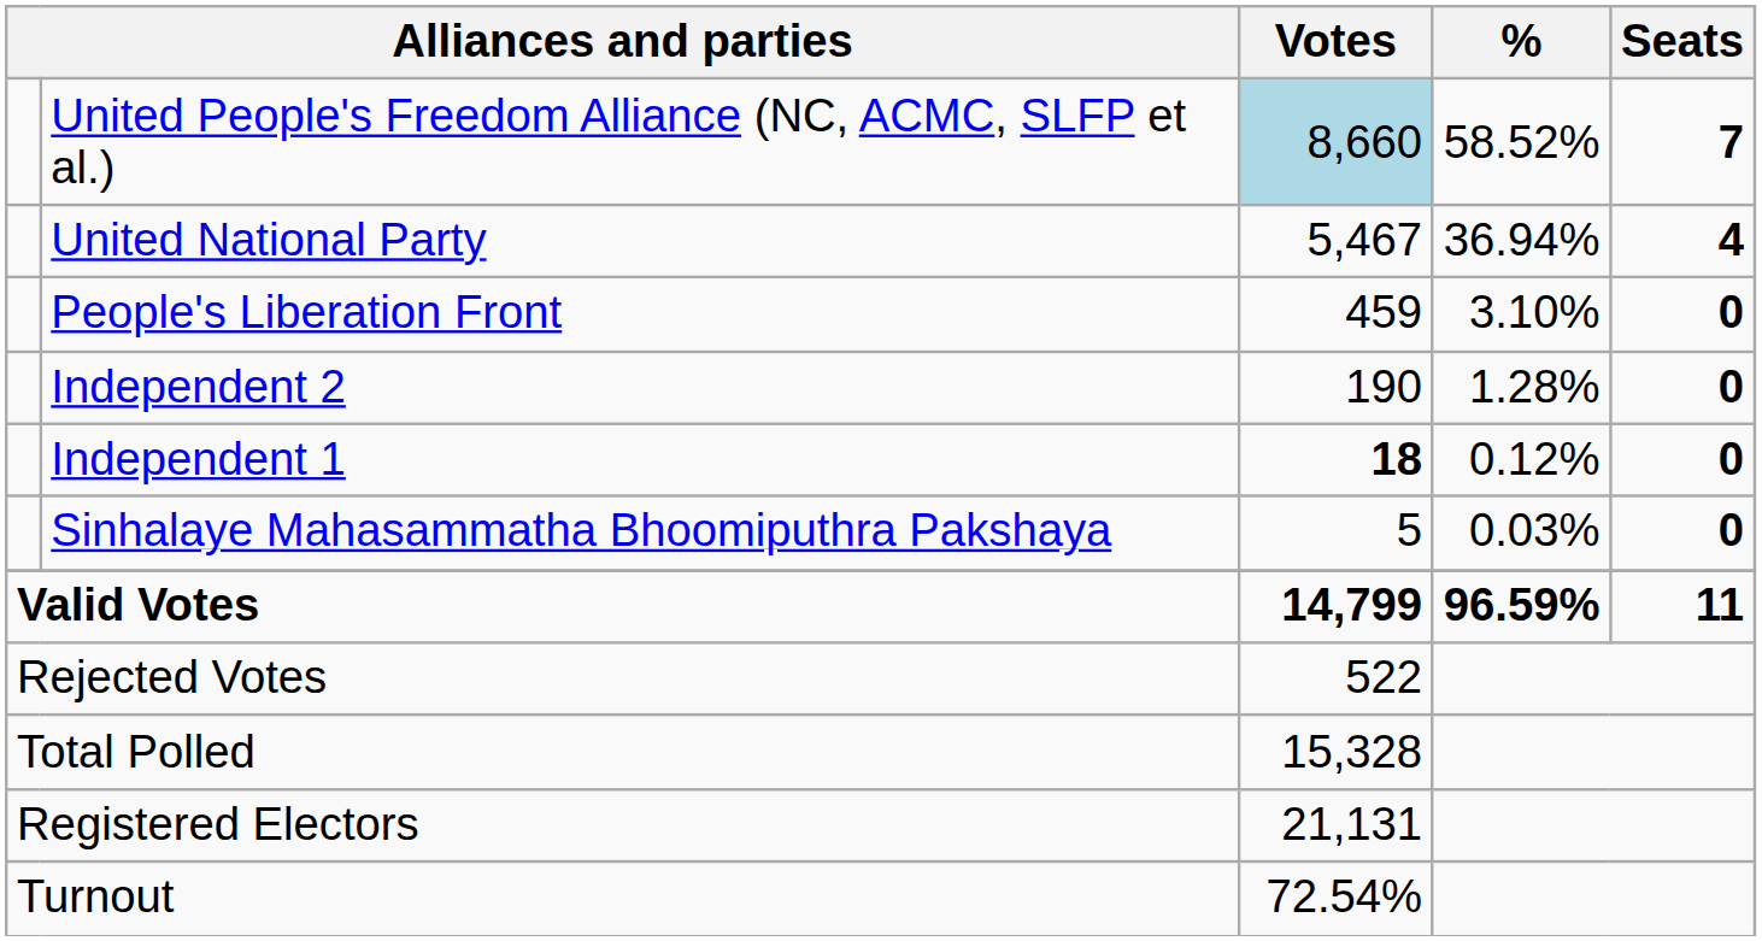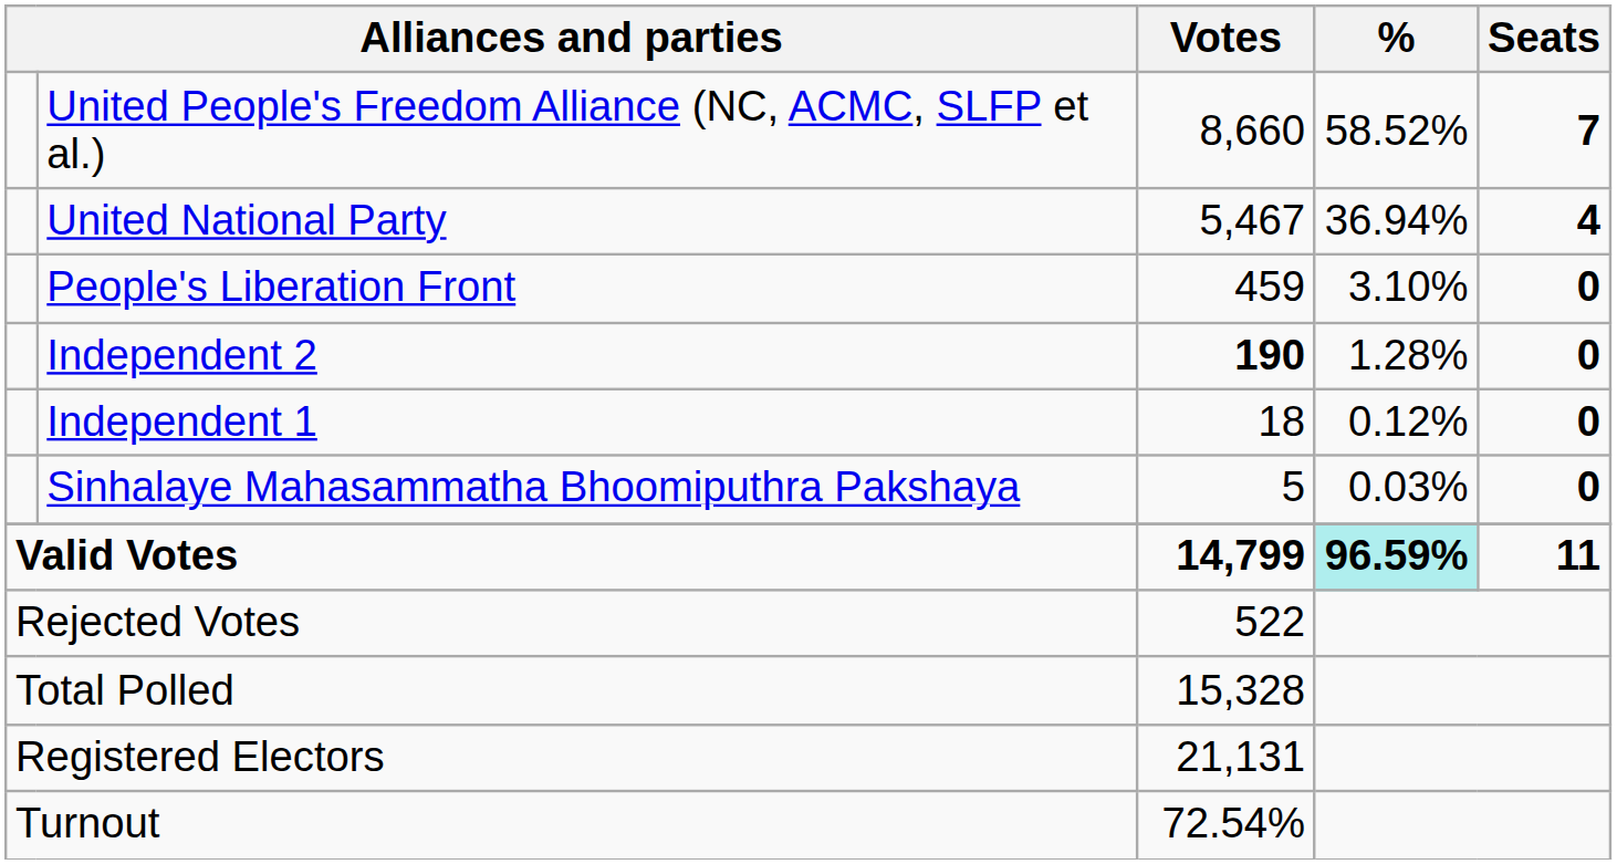 <table class="wikitable" border="1" style="text-align:right;">
 <tr>
 <th valign=bottom align=left colspan=2>Alliances and parties</th>
 <th valign=bottom align=center width="60">Votes</th>
 <th valign=bottom align=center width="50">%</th>
 <th valign=bottom align=center>Seats</th>
 </tr>
 <tr>
 <td bgcolor=> </td>
 <td align=left><a href='#'>United People's Freedom Alliance</a> (NC, <a href='#'>ACMC</a>, <a href='#'>SLFP</a> et al.)</td>
-<td style="background: lightblue;">8,660</td>
+<td>8,660</td>
 <td>58.52%</td>
 <td><strong>7</strong></td>
 </tr>
 <tr>
 <td bgcolor=> </td>
 <td align=left><a href='#'>United National Party</a></td>
 <td>5,467</td>
 <td>36.94%</td>
 <td><strong>4</strong></td>
 </tr>
 <tr>
 <td bgcolor=> </td>
 <td align=left><a href='#'>People's Liberation Front</a></td>
 <td>459</td>
 <td>3.10%</td>
 <td><strong>0</strong></td>
 </tr>
 <tr>
 <td></td>
 <td align=left><a href='#'>Independent 2</a></td>
-<td>190</td>
+<td><strong>190</strong></td>
 <td>1.28%</td>
 <td><strong>0</strong></td>
 </tr>
 <tr>
 <td></td>
 <td align=left><a href='#'>Independent 1</a></td>
-<td><strong>18</strong></td>
+<td>18</td>
 <td>0.12%</td>
 <td><strong>0</strong></td>
 </tr>
 <tr>
 <td bgcolor=> </td>
 <td align=left><a href='#'>Sinhalaye Mahasammatha Bhoomiputhra Pakshaya</a></td>
 <td>5</td>
 <td>0.03%</td>
 <td><strong>0</strong></td>
 </tr>
 <tr>
 </tr>
 <tr>
 <td colspan=2 align=left><strong>Valid Votes</strong></td>
 <td><strong>14,799</strong></td>
-<td><strong>96.59%</strong></td>
+<td style="background: paleturquoise;"><strong>96.59%</strong></td>
 <td><strong>11</strong></td>
 </tr>
 <tr>
 <td colspan=2 align=left>Rejected Votes</td>
 <td>522</td>
 <td colspan=2></td>
 </tr>
 <tr>
 <td colspan=2 align=left>Total Polled</td>
 <td>15,328</td>
 <td colspan=2></td>
 </tr>
 <tr>
 <td colspan=2 align=left>Registered Electors</td>
 <td>21,131</td>
 <td colspan=2></td>
 </tr>
 <tr>
 <td colspan=2 align=left>Turnout</td>
 <td>72.54%</td>
 <td colspan=2></td>
 </tr>
 </table>
